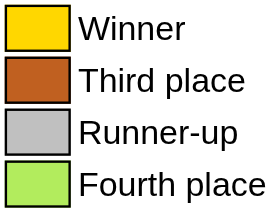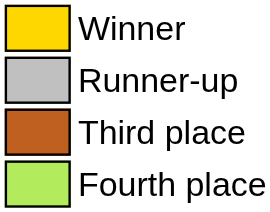 <table class="toccolours" style="font-size: 90%; white-space: nowrap;”">
 <tr>
 <td style="background:gold ; border:1px solid black;">      </td>
 <td>Winner</td>
 </tr>
 <tr>
+<td style="background:silver; border:1px solid black;">      </td>
+<td>Runner-up</td>
+</tr>
+<tr>
 <td style="background:#C06020 ; border:1px solid black;">      </td>
 <td>Third place</td>
-</tr>
-<tr>
-<td style="background:silver; border:1px solid black;">      </td>
-<td>Runner-up</td>
 </tr>
 <tr>
 <td style="background:#B2EC5D; border:1px solid black;">      </td>
 <td>Fourth place</td>
 </tr>
 <tr>
 </tr>
 </table>
